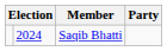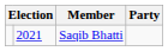 <table class="wikitable">
 <tr>
 <th colspan="2">Election</th>
 <th>Member</th>
 <th>Party</th>
 </tr>
 <tr>
 <td style="color:inherit;background-color: "></td>
-<td><a href='#'>2024</a></td>
+<td><a href='#'>2021</a></td>
 <td><a href='#'>Saqib Bhatti</a></td>
 <td></td>
 </tr>
 </table>
